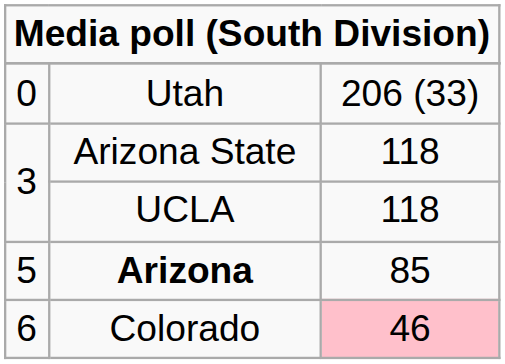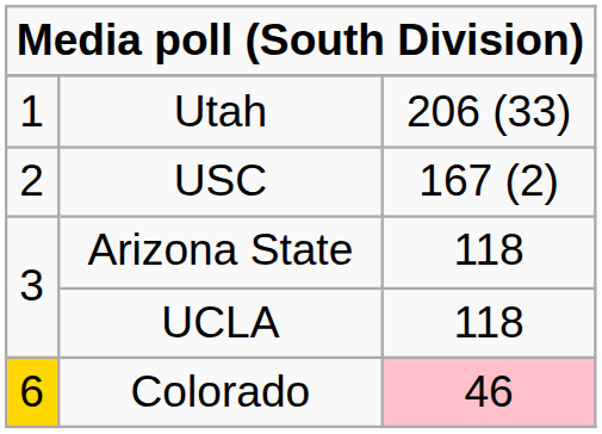 <table class="wikitable" style="display: inline-table;">
 <tr>
 <td align="center" Colspan="3"><strong>Media poll (South Division)</strong></td>
 </tr>
 <tr align="center">
 </tr>
 <tr align="center">
-<td>0</td>
+<td>1</td>
 <td>Utah</td>
 <td>206 (33)</td>
+</tr>
+<tr align="center">
+<td>2</td>
+<td>USC</td>
+<td>167 (2)</td>
 </tr>
 <tr align="center">
 <td rowspan="2">3</td>
 <td>Arizona State</td>
 <td>118</td>
 </tr>
 <tr align="center">
 <td>UCLA</td>
 <td>118</td>
 </tr>
 <tr align="center">
-<td>5</td>
-<td><strong>Arizona</strong></td>
-<td>85</td>
-</tr>
-<tr align="center">
-<td>6</td>
+<td style="background: gold;">6</td>
 <td>Colorado</td>
 <td style="background: pink;">46</td>
 </tr>
 </table>
